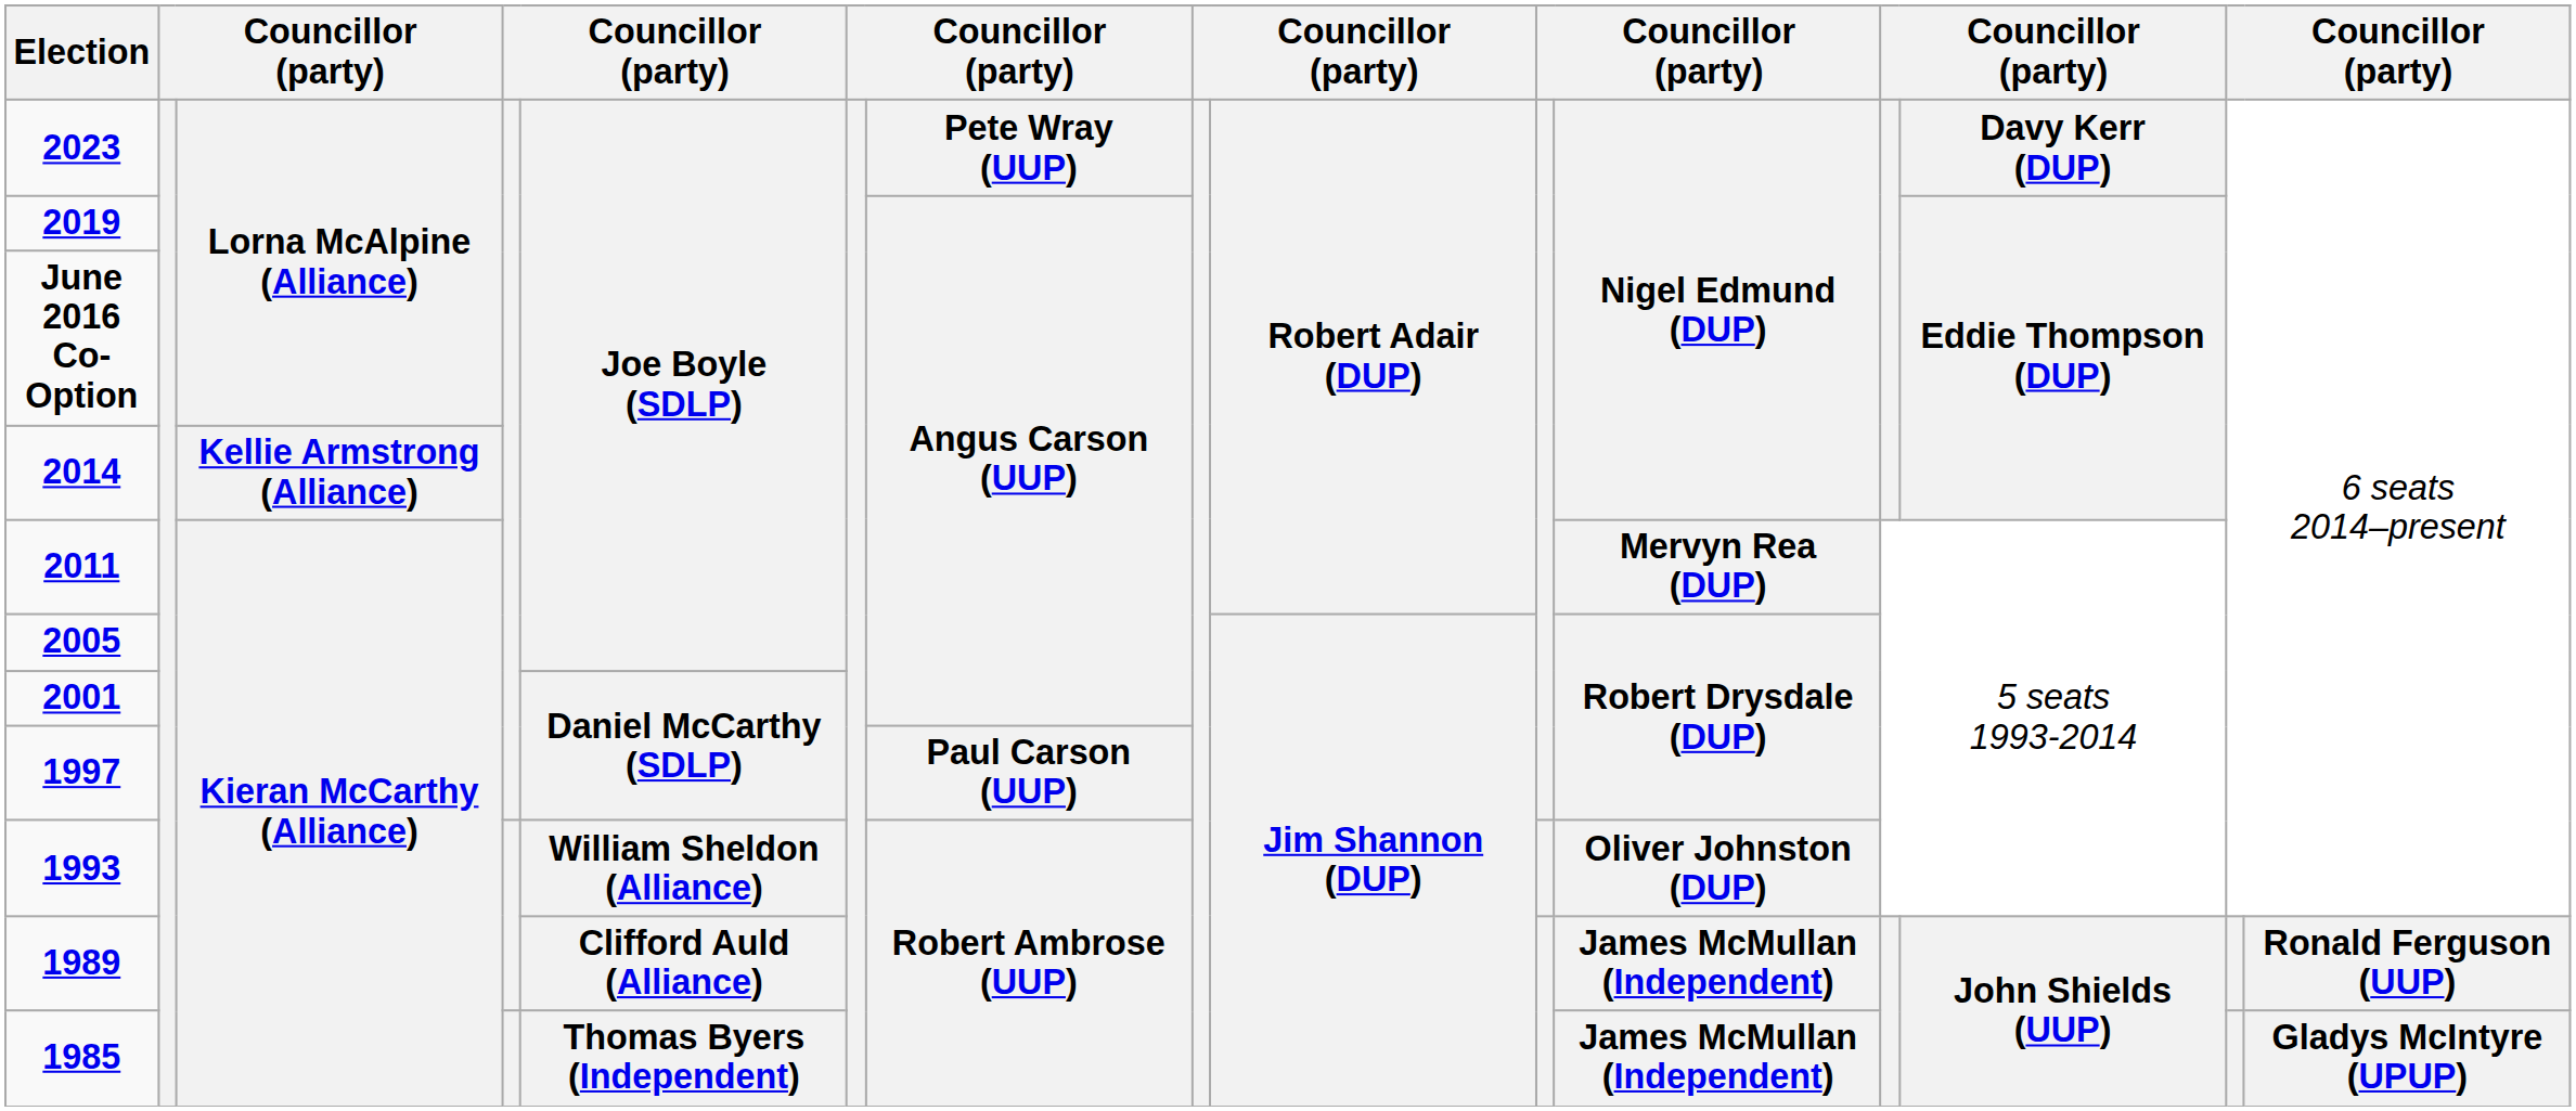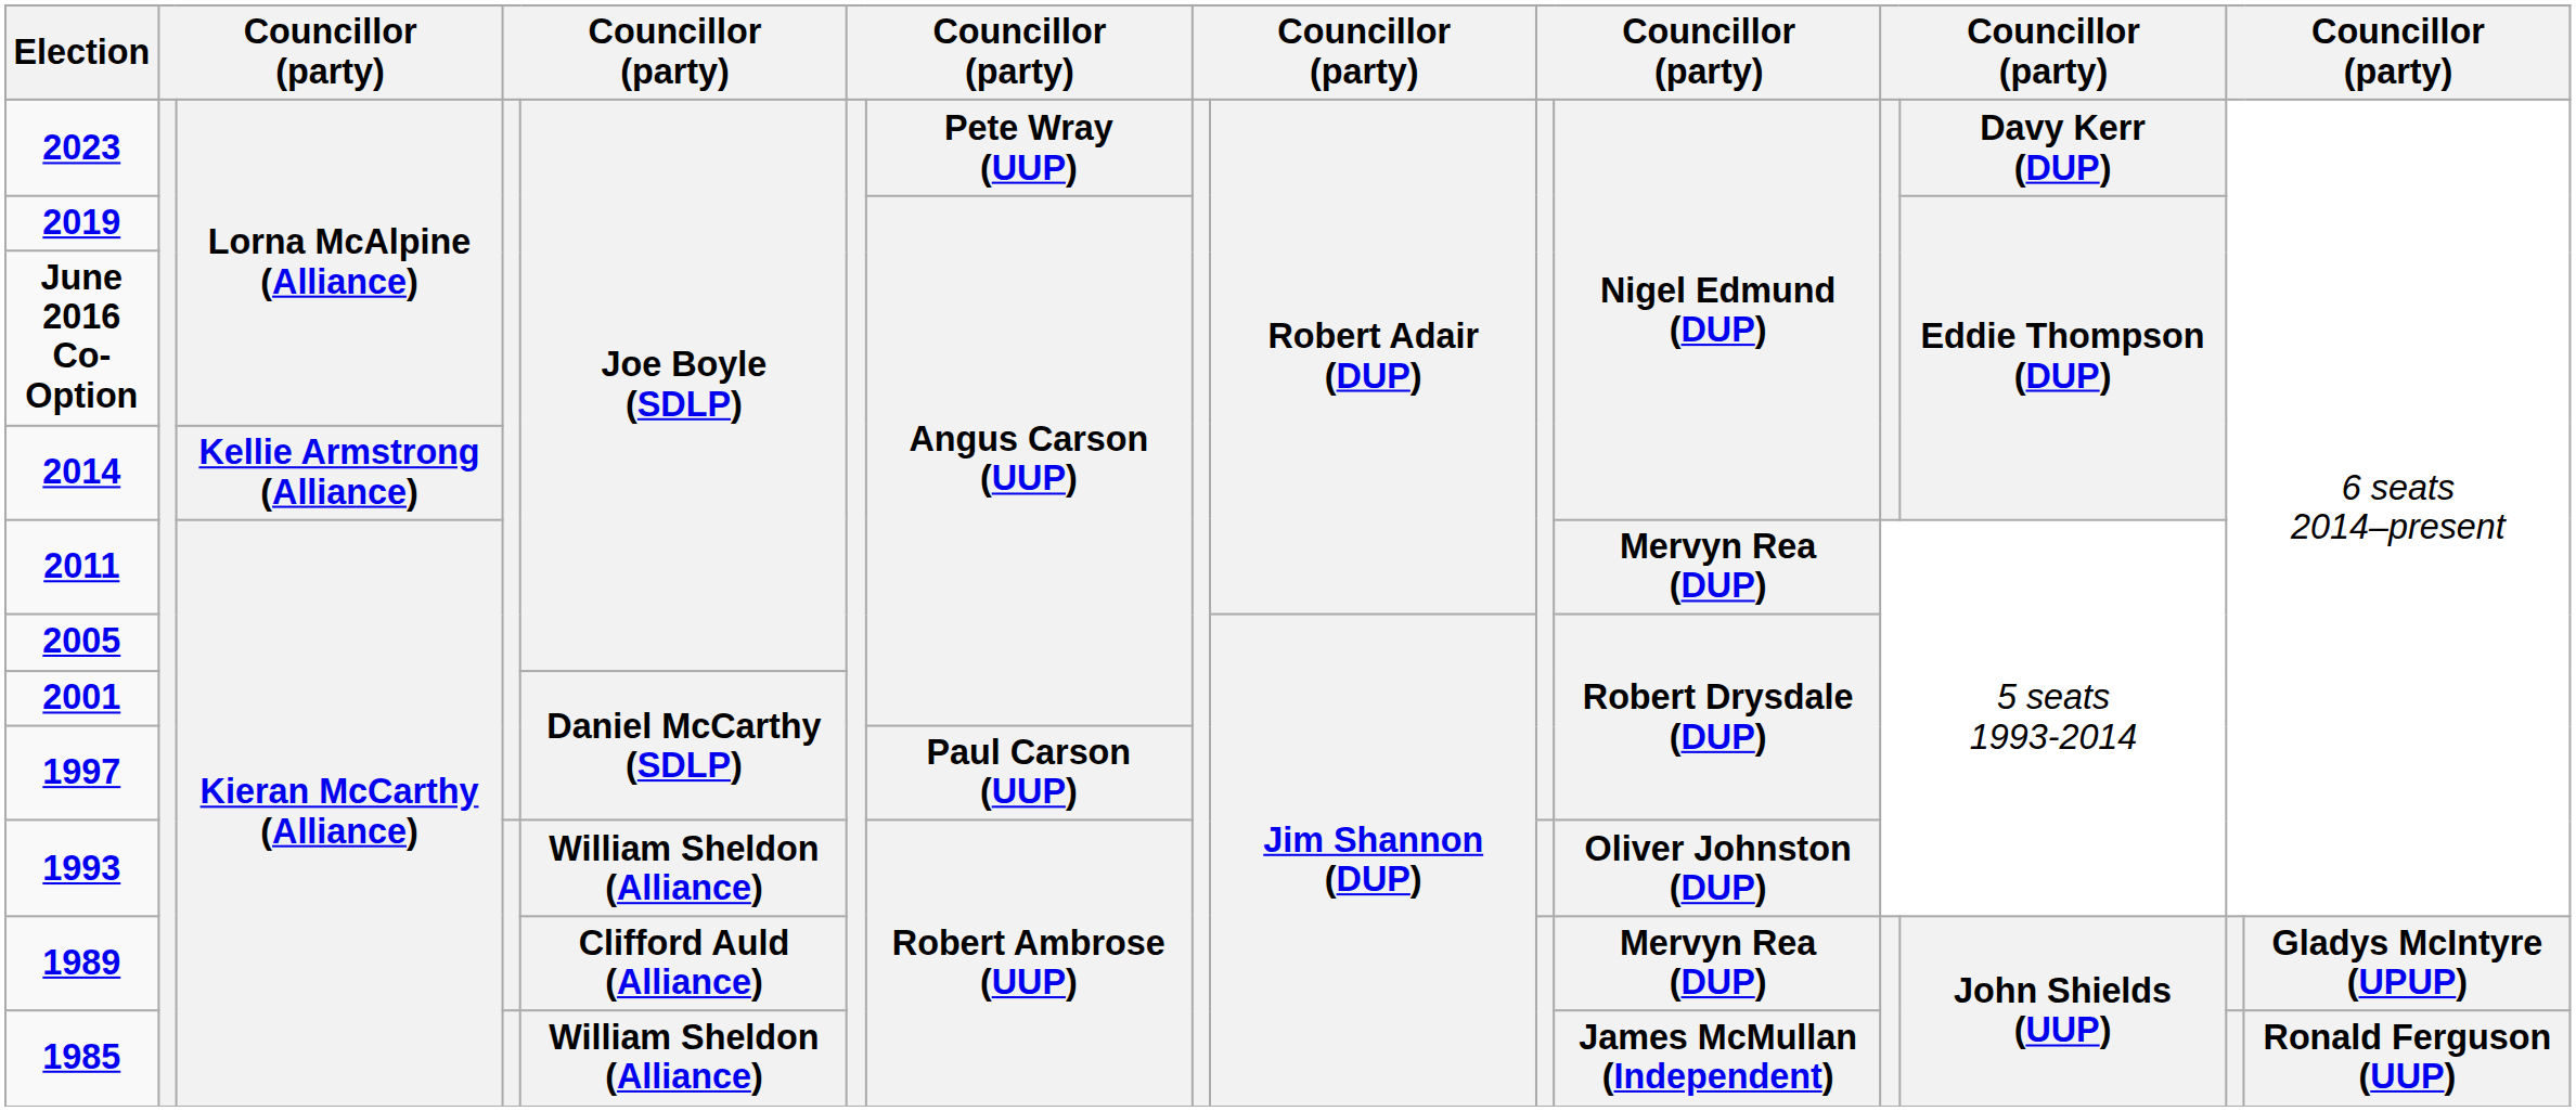 <table class="wikitable" style="text-align:center">
 <tr>
 <th scope="col" width="50">Election</th>
 <th scope="col" width="150" colspan = "2">Councillor<br> (party)</th>
 <th scope="col" width="150" colspan = "2">Councillor<br> (party)</th>
 <th scope="col" width="150" colspan = "2">Councillor<br> (party)</th>
 <th scope="col" width="150" colspan = "2">Councillor<br> (party)</th>
 <th scope="col" width="150" colspan = "2">Councillor<br> (party)</th>
 <th scope="col" width="150" colspan = "2">Councillor<br> (party)</th>
 <th scope="col" width="150" colspan = "2">Councillor<br> (party)</th>
 </tr>
 <tr>
 <td><strong><a href='#'>2023</a></strong></td>
 <th rowspan="11" width="1" style="background-color: "></th>
 <th rowspan = "3">Lorna McAlpine <br> (<a href='#'>Alliance</a>)</th>
 <th rowspan="8" width="1" style="background-color: "></th>
 <th rowspan = "6">Joe Boyle <br> (<a href='#'>SDLP</a>)</th>
 <th rowspan="11" width="1" style="background-color: "></th>
 <th rowspan = "1">Pete Wray <br> (<a href='#'>UUP</a>)</th>
 <th rowspan="11" width="1" style="background-color: "></th>
 <th rowspan = "5">Robert Adair <br> (<a href='#'>DUP</a>)</th>
 <th rowspan="8" width="1" style="background-color: "></th>
 <th rowspan = "4">Nigel Edmund <br> (<a href='#'>DUP</a>)</th>
 <th rowspan="4" width="1" style="background-color: "></th>
 <th rowspan = "1">Davy Kerr <br> (<a href='#'>DUP</a>)</th>
 <td colspan="2" rowspan="9" style="background-color:#FFFFFF"><em>6 seats<br>2014–present</em></td>
 </tr>
 <tr>
 <td><strong><a href='#'>2019</a></strong></td>
 <th rowspan = "6">Angus Carson <br> (<a href='#'>UUP</a>)</th>
 <th rowspan = "3">Eddie Thompson <br> (<a href='#'>DUP</a>)</th>
 </tr>
 <tr>
 <td><strong>June 2016 Co-Option</strong></td>
 </tr>
 <tr>
 <td><strong><a href='#'>2014</a></strong></td>
 <th rowspan = "1"><a href='#'>Kellie Armstrong</a> <br> (<a href='#'>Alliance</a>)</th>
 </tr>
 <tr>
 <td><strong><a href='#'>2011</a></strong></td>
 <th rowspan = "7"><a href='#'>Kieran McCarthy</a> <br> (<a href='#'>Alliance</a>)</th>
 <th rowspan = "1">Mervyn Rea <br> (<a href='#'>DUP</a>)</th>
 <td colspan="2" rowspan="5" style="background-color:#FFFFFF"><em>5 seats<br>1993-2014</em></td>
 </tr>
 <tr>
 <td><strong><a href='#'>2005</a></strong></td>
 <th rowspan = "6"><a href='#'>Jim Shannon</a> <br> (<a href='#'>DUP</a>)</th>
 <th rowspan = "3">Robert Drysdale <br> (<a href='#'>DUP</a>)</th>
 </tr>
 <tr>
 <td><strong><a href='#'>2001</a></strong></td>
 <th rowspan = "2">Daniel McCarthy <br> (<a href='#'>SDLP</a>)</th>
 </tr>
 <tr>
 <td><strong><a href='#'>1997</a></strong></td>
 <th rowspan = "1">Paul Carson <br> (<a href='#'>UUP</a>)</th>
 </tr>
 <tr>
 <td><strong><a href='#'>1993</a></strong></td>
 <th rowspan="2" width="1" style="background-color: "></th>
 <th rowspan = "1">William Sheldon <br> (<a href='#'>Alliance</a>)</th>
 <th rowspan = "3">Robert Ambrose <br> (<a href='#'>UUP</a>)</th>
 <th rowspan="1" width="1" style="background-color: "></th>
 <th rowspan = "1">Oliver Johnston <br> (<a href='#'>DUP</a>)</th>
 </tr>
 <tr>
 <td><strong><a href='#'>1989</a></strong></td>
 <th rowspan = "1">Clifford Auld <br> (<a href='#'>Alliance</a>)</th>
 <th rowspan="2" width="1" style="background-color: "></th>
-<th rowspan = "1">James McMullan <br> (<a href='#'>Independent</a>)</th>
+<th rowspan = "1">Mervyn Rea <br> (<a href='#'>DUP</a>)</th>
 <th rowspan="2" width="1" style="background-color: "></th>
 <th rowspan = "2">John Shields <br> (<a href='#'>UUP</a>)</th>
 <th rowspan="1" width="1" style="background-color: "></th>
-<th rowspan = "1">Ronald Ferguson <br> (<a href='#'>UUP</a>)</th>
+<th rowspan = "1">Gladys McIntyre <br> (<a href='#'>UPUP</a>)</th>
 </tr>
 <tr>
 <td><strong><a href='#'>1985</a></strong></td>
 <th rowspan="1" width="1" style="background-color: "></th>
-<th rowspan = "1">Thomas Byers <br> (<a href='#'>Independent</a>)</th>
+<th rowspan = "1">William Sheldon <br> (<a href='#'>Alliance</a>)</th>
 <th rowspan = "1">James McMullan <br> (<a href='#'>Independent</a>)</th>
 <th rowspan="1" width="1" style="background-color: "></th>
-<th rowspan = "1">Gladys McIntyre <br> (<a href='#'>UPUP</a>)</th>
+<th rowspan = "1">Ronald Ferguson <br> (<a href='#'>UUP</a>)</th>
 </tr>
 </table>
